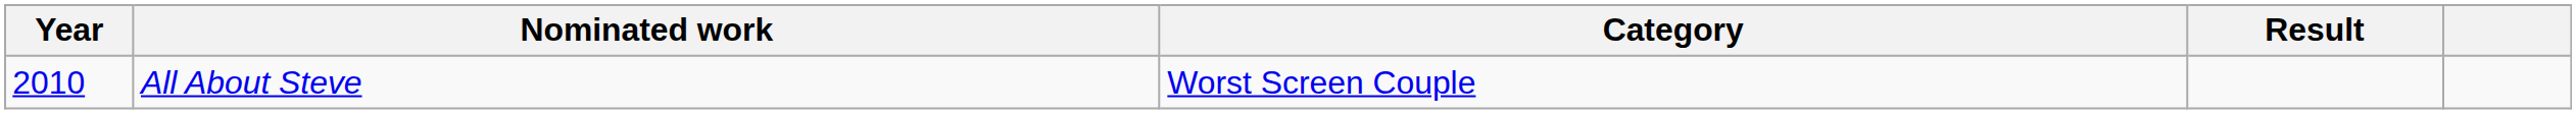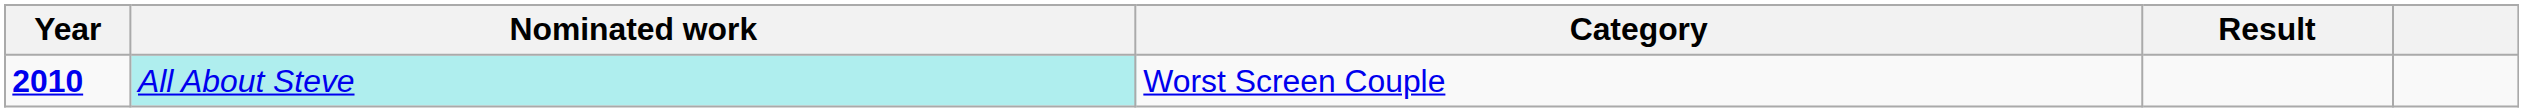 <table class="wikitable" style="width:100%;">
 <tr>
 <th width=5%>Year</th>
 <th style="width:40%;">Nominated work</th>
 <th style="width:40%;">Category</th>
 <th style="width:10%;">Result</th>
 <th width=5%></th>
 </tr>
 <tr>
-<td><a href='#'>2010</a></td>
-<td><em><a href='#'>All About Steve</a></em></td>
+<td><strong><a href='#'>2010</a></strong></td>
+<td style="background: paleturquoise;"><em><a href='#'>All About Steve</a></em></td>
 <td><a href='#'>Worst Screen Couple</a></td>
 <td></td>
 <td style="text-align:center;"></td>
 </tr>
 </table>
